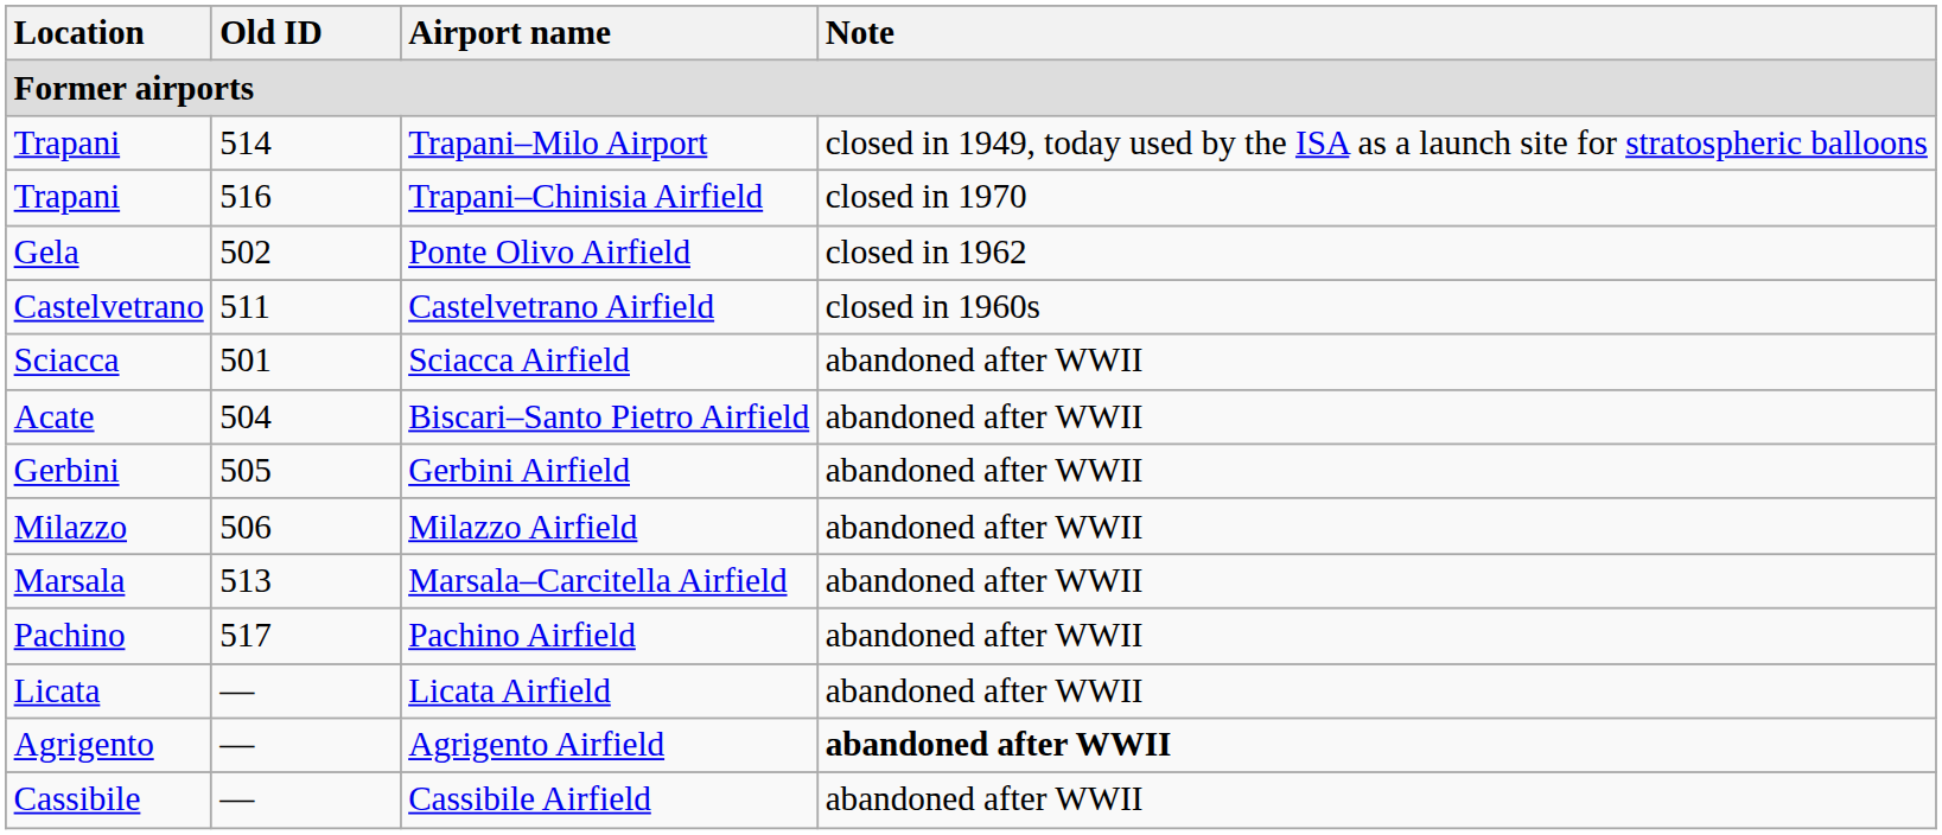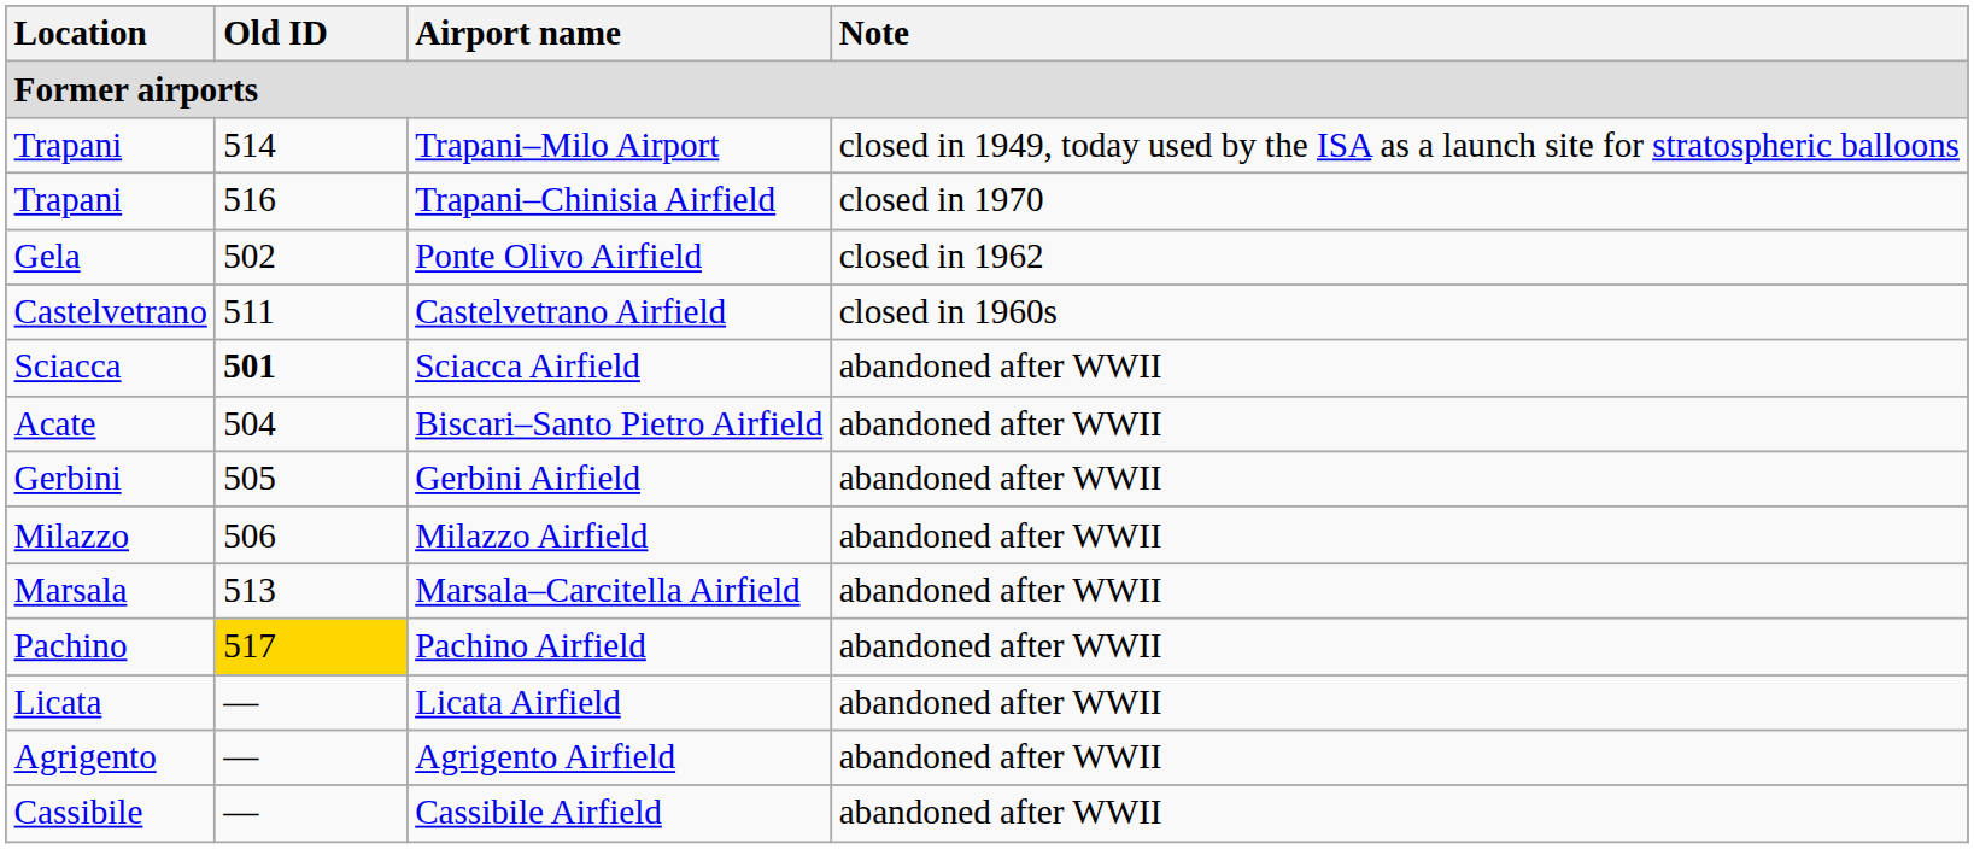 <table class="wikitable sortable">
 <tr>
 <th style="text-align:left;">Location</th>
 <th style="text-align:left; width:5em;">Old ID</th>
 <th style="text-align:left;">Airport name</th>
 <th style="text-align:left;">Note</th>
 </tr>
 <tr class="sortbottom">
 <th colspan="5" style="text-align:left; background:#DDDDDD;">Former airports</th>
 </tr>
 <tr valign=top>
 <td><a href='#'>Trapani</a></td>
 <td>514</td>
 <td><a href='#'>Trapani–Milo Airport</a></td>
 <td>closed in 1949, today used by the <a href='#'>ISA</a> as a launch site for <a href='#'>stratospheric balloons</a></td>
 </tr>
 <tr valign=top>
 <td><a href='#'>Trapani</a></td>
 <td>516</td>
 <td><a href='#'>Trapani–Chinisia Airfield</a></td>
 <td>closed in 1970</td>
 </tr>
 <tr valign=top>
 <td><a href='#'>Gela</a></td>
 <td>502</td>
 <td><a href='#'>Ponte Olivo Airfield</a></td>
 <td>closed in 1962</td>
 </tr>
 <tr valign=top>
 <td><a href='#'>Castelvetrano</a></td>
 <td>511</td>
 <td><a href='#'>Castelvetrano Airfield</a></td>
 <td>closed in 1960s</td>
 </tr>
 <tr valign=top>
 <td><a href='#'>Sciacca</a></td>
-<td>501</td>
+<td><strong>501</strong></td>
 <td><a href='#'>Sciacca Airfield</a></td>
 <td>abandoned after WWII</td>
 </tr>
 <tr valign=top>
 <td><a href='#'>Acate</a></td>
 <td>504</td>
 <td><a href='#'>Biscari–Santo Pietro Airfield</a></td>
 <td>abandoned after WWII</td>
 </tr>
 <tr valign=top>
 <td><a href='#'>Gerbini</a></td>
 <td>505</td>
 <td><a href='#'>Gerbini Airfield</a></td>
 <td>abandoned after WWII</td>
 </tr>
 <tr valign=top>
 <td><a href='#'>Milazzo</a></td>
 <td>506</td>
 <td><a href='#'>Milazzo Airfield</a></td>
 <td>abandoned after WWII</td>
 </tr>
 <tr valign=top>
 <td><a href='#'>Marsala</a></td>
 <td>513</td>
 <td><a href='#'>Marsala–Carcitella Airfield</a></td>
 <td>abandoned after WWII</td>
 </tr>
 <tr valign=top>
 <td><a href='#'>Pachino</a></td>
-<td>517</td>
+<td style="background: gold;">517</td>
 <td><a href='#'>Pachino Airfield</a></td>
 <td>abandoned after WWII</td>
 </tr>
 <tr valign=top>
 <td><a href='#'>Licata</a></td>
 <td>—</td>
 <td><a href='#'>Licata Airfield</a></td>
 <td>abandoned after WWII</td>
 </tr>
 <tr valign=top>
 <td><a href='#'>Agrigento</a></td>
 <td>—</td>
 <td><a href='#'>Agrigento Airfield</a></td>
-<td><strong>abandoned after WWII</strong></td>
+<td>abandoned after WWII</td>
 </tr>
 <tr valign=top>
 <td><a href='#'>Cassibile</a></td>
 <td>—</td>
 <td><a href='#'>Cassibile Airfield</a></td>
 <td>abandoned after WWII</td>
 </tr>
 </table>
